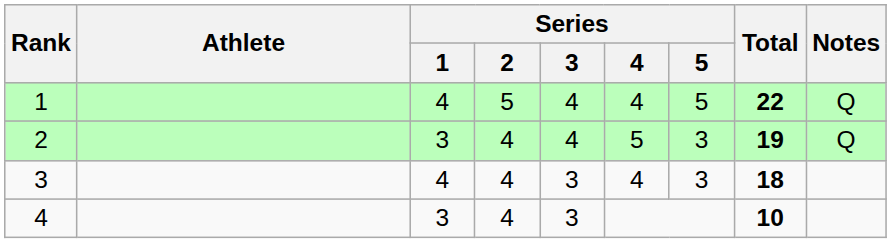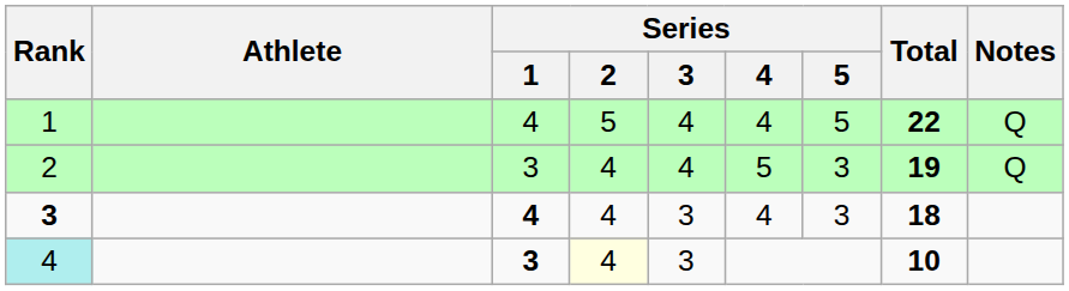 <table class="wikitable" style="text-align:center">
 <tr>
 <th rowspan=2 width=40>Rank</th>
 <th rowspan=2 width=210>Athlete</th>
 <th colspan=5>Series</th>
 <th rowspan=2 width=40>Total</th>
 <th rowspan=2 width=40>Notes</th>
 </tr>
 <tr>
 <th width=35>1</th>
 <th width=35>2</th>
 <th width=35>3</th>
 <th width=35>4</th>
 <th width=35>5</th>
 </tr>
 <tr bgcolor=bbffbb>
 <td>1</td>
 <td align=left></td>
 <td>4</td>
 <td>5</td>
 <td>4</td>
 <td>4</td>
 <td>5</td>
 <td><strong>22</strong></td>
 <td>Q</td>
 </tr>
 <tr bgcolor=bbffbb>
 <td>2</td>
 <td align=left></td>
 <td>3</td>
 <td>4</td>
 <td>4</td>
 <td>5</td>
 <td>3</td>
 <td><strong>19</strong></td>
 <td>Q</td>
 </tr>
 <tr>
-<td>3</td>
+<td><strong>3</strong></td>
 <td align=left></td>
-<td>4</td>
+<td><strong>4</strong></td>
 <td>4</td>
 <td>3</td>
 <td>4</td>
 <td>3</td>
 <td><strong>18</strong></td>
 <td></td>
 </tr>
 <tr>
-<td>4</td>
+<td style="background: paleturquoise;">4</td>
 <td align=left></td>
-<td>3</td>
-<td>4</td>
+<td><strong>3</strong></td>
+<td style="background: lightyellow;">4</td>
 <td>3</td>
 <td colspan=2></td>
 <td><strong>10</strong></td>
 <td></td>
 </tr>
 </table>
